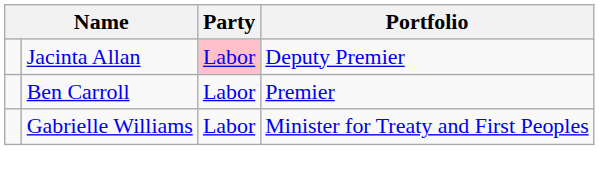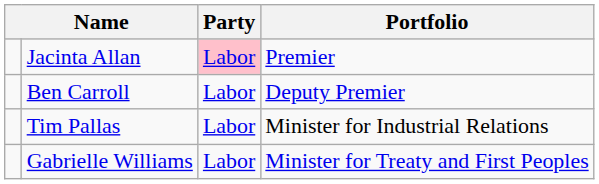 <table class="wikitable">
 <tr>
 <th colspan="2">Name</th>
 <th>Party</th>
 <th>Portfolio</th>
 </tr>
 <tr>
 <td width=5px style="color:inherit;background:"></td>
 <td><a href='#'>Jacinta Allan</a></td>
 <td style="background: pink;"><a href='#'>Labor</a></td>
-<td><a href='#'>Deputy Premier</a></td>
+<td><a href='#'>Premier</a></td>
 </tr>
 <tr>
 <td width=5px style="color:inherit;background:"></td>
 <td><a href='#'>Ben Carroll</a></td>
 <td><a href='#'>Labor</a></td>
-<td><a href='#'>Premier</a></td>
+<td><a href='#'>Deputy Premier</a></td>
+</tr>
+<tr>
+<td width=5px style="color:inherit;background:"></td>
+<td><a href='#'>Tim Pallas</a></td>
+<td><a href='#'>Labor</a></td>
+<td>Minister for Industrial Relations</td>
 </tr>
 <tr>
 <td width=5px style="color:inherit;background:"></td>
 <td><a href='#'>Gabrielle Williams</a></td>
 <td><a href='#'>Labor</a></td>
 <td><a href='#'>Minister for Treaty and First Peoples</a></td>
 </tr>
 </table>
